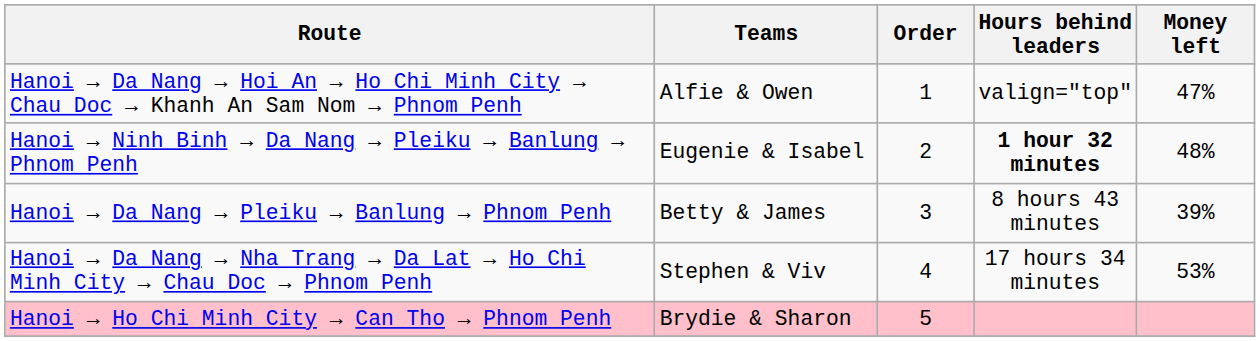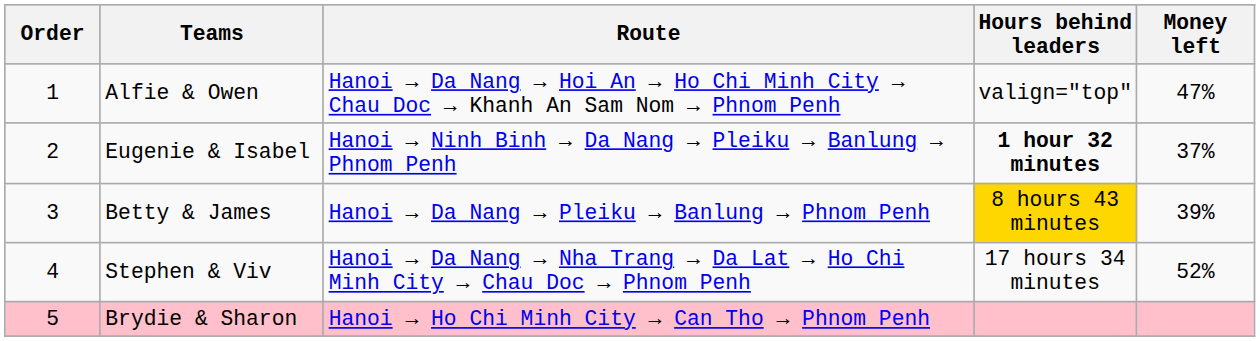 <table class="wikitable sortable" style="text-align:center">
 <tr>
+<th style="width:4em">Order</th>
+<th style="width:10em">Teams</th>
 <th style="width:30em">Route</th>
-<th style="width:10em">Teams</th>
-<th style="width:4em">Order</th>
 <th style="width:5em">Hours behind leaders</th>
 <th style="width:5em">Money left</th>
 </tr>
 <tr>
+<td>1</td>
+<td style="text-align:left">Alfie & Owen</td>
 <td style="text-align:left"><a href='#'>Hanoi</a>  → <a href='#'>Da Nang</a> → <a href='#'>Hoi An</a> → <a href='#'>Ho Chi Minh City</a>   → <a href='#'>Chau Doc</a> → Khanh An Sam Nom  → <a href='#'>Phnom Penh</a></td>
-<td style="text-align:left">Alfie & Owen</td>
-<td>1</td>
 <td>valign="top" </td>
 <td>47%</td>
 </tr>
 <tr>
+<td>2</td>
+<td style="text-align:left">Eugenie & Isabel</td>
 <td style="text-align:left"><a href='#'>Hanoi</a>  → <a href='#'>Ninh Binh</a>   → <a href='#'>Da Nang</a>  → <a href='#'>Pleiku</a>  → <a href='#'>Banlung</a>  → <a href='#'>Phnom Penh</a></td>
-<td style="text-align:left">Eugenie & Isabel</td>
-<td>2</td>
 <td><strong>1 hour 32 minutes</strong></td>
-<td>48%</td>
+<td>37%</td>
 </tr>
 <tr>
+<td>3</td>
+<td style="text-align:left">Betty & James</td>
 <td style="text-align:left"><a href='#'>Hanoi</a>  → <a href='#'>Da Nang</a>  → <a href='#'>Pleiku</a>  → <a href='#'>Banlung</a>   → <a href='#'>Phnom Penh</a></td>
-<td style="text-align:left">Betty & James</td>
-<td>3</td>
-<td>8 hours 43 minutes</td>
+<td style="background: gold;">8 hours 43 minutes</td>
 <td>39%</td>
 </tr>
 <tr>
+<td>4</td>
+<td style="text-align:left">Stephen & Viv</td>
 <td style="text-align:left"><a href='#'>Hanoi</a>  → <a href='#'>Da Nang</a>  → <a href='#'>Nha Trang</a>   → <a href='#'>Da Lat</a>  → <a href='#'>Ho Chi Minh City</a>  → <a href='#'>Chau Doc</a>    → <a href='#'>Phnom Penh</a></td>
-<td style="text-align:left">Stephen & Viv</td>
-<td>4</td>
 <td>17 hours 34 minutes</td>
-<td>53%</td>
+<td>52%</td>
 </tr>
 <tr style="background:pink">
+<td>5</td>
+<td style="text-align:left">Brydie & Sharon</td>
 <td style="text-align:left"><a href='#'>Hanoi</a>  → <a href='#'>Ho Chi Minh City</a> → <a href='#'>Can Tho</a>   → <a href='#'>Phnom Penh</a></td>
-<td style="text-align:left">Brydie & Sharon</td>
-<td>5</td>
 <td></td>
 <td></td>
 </tr>
 </table>
